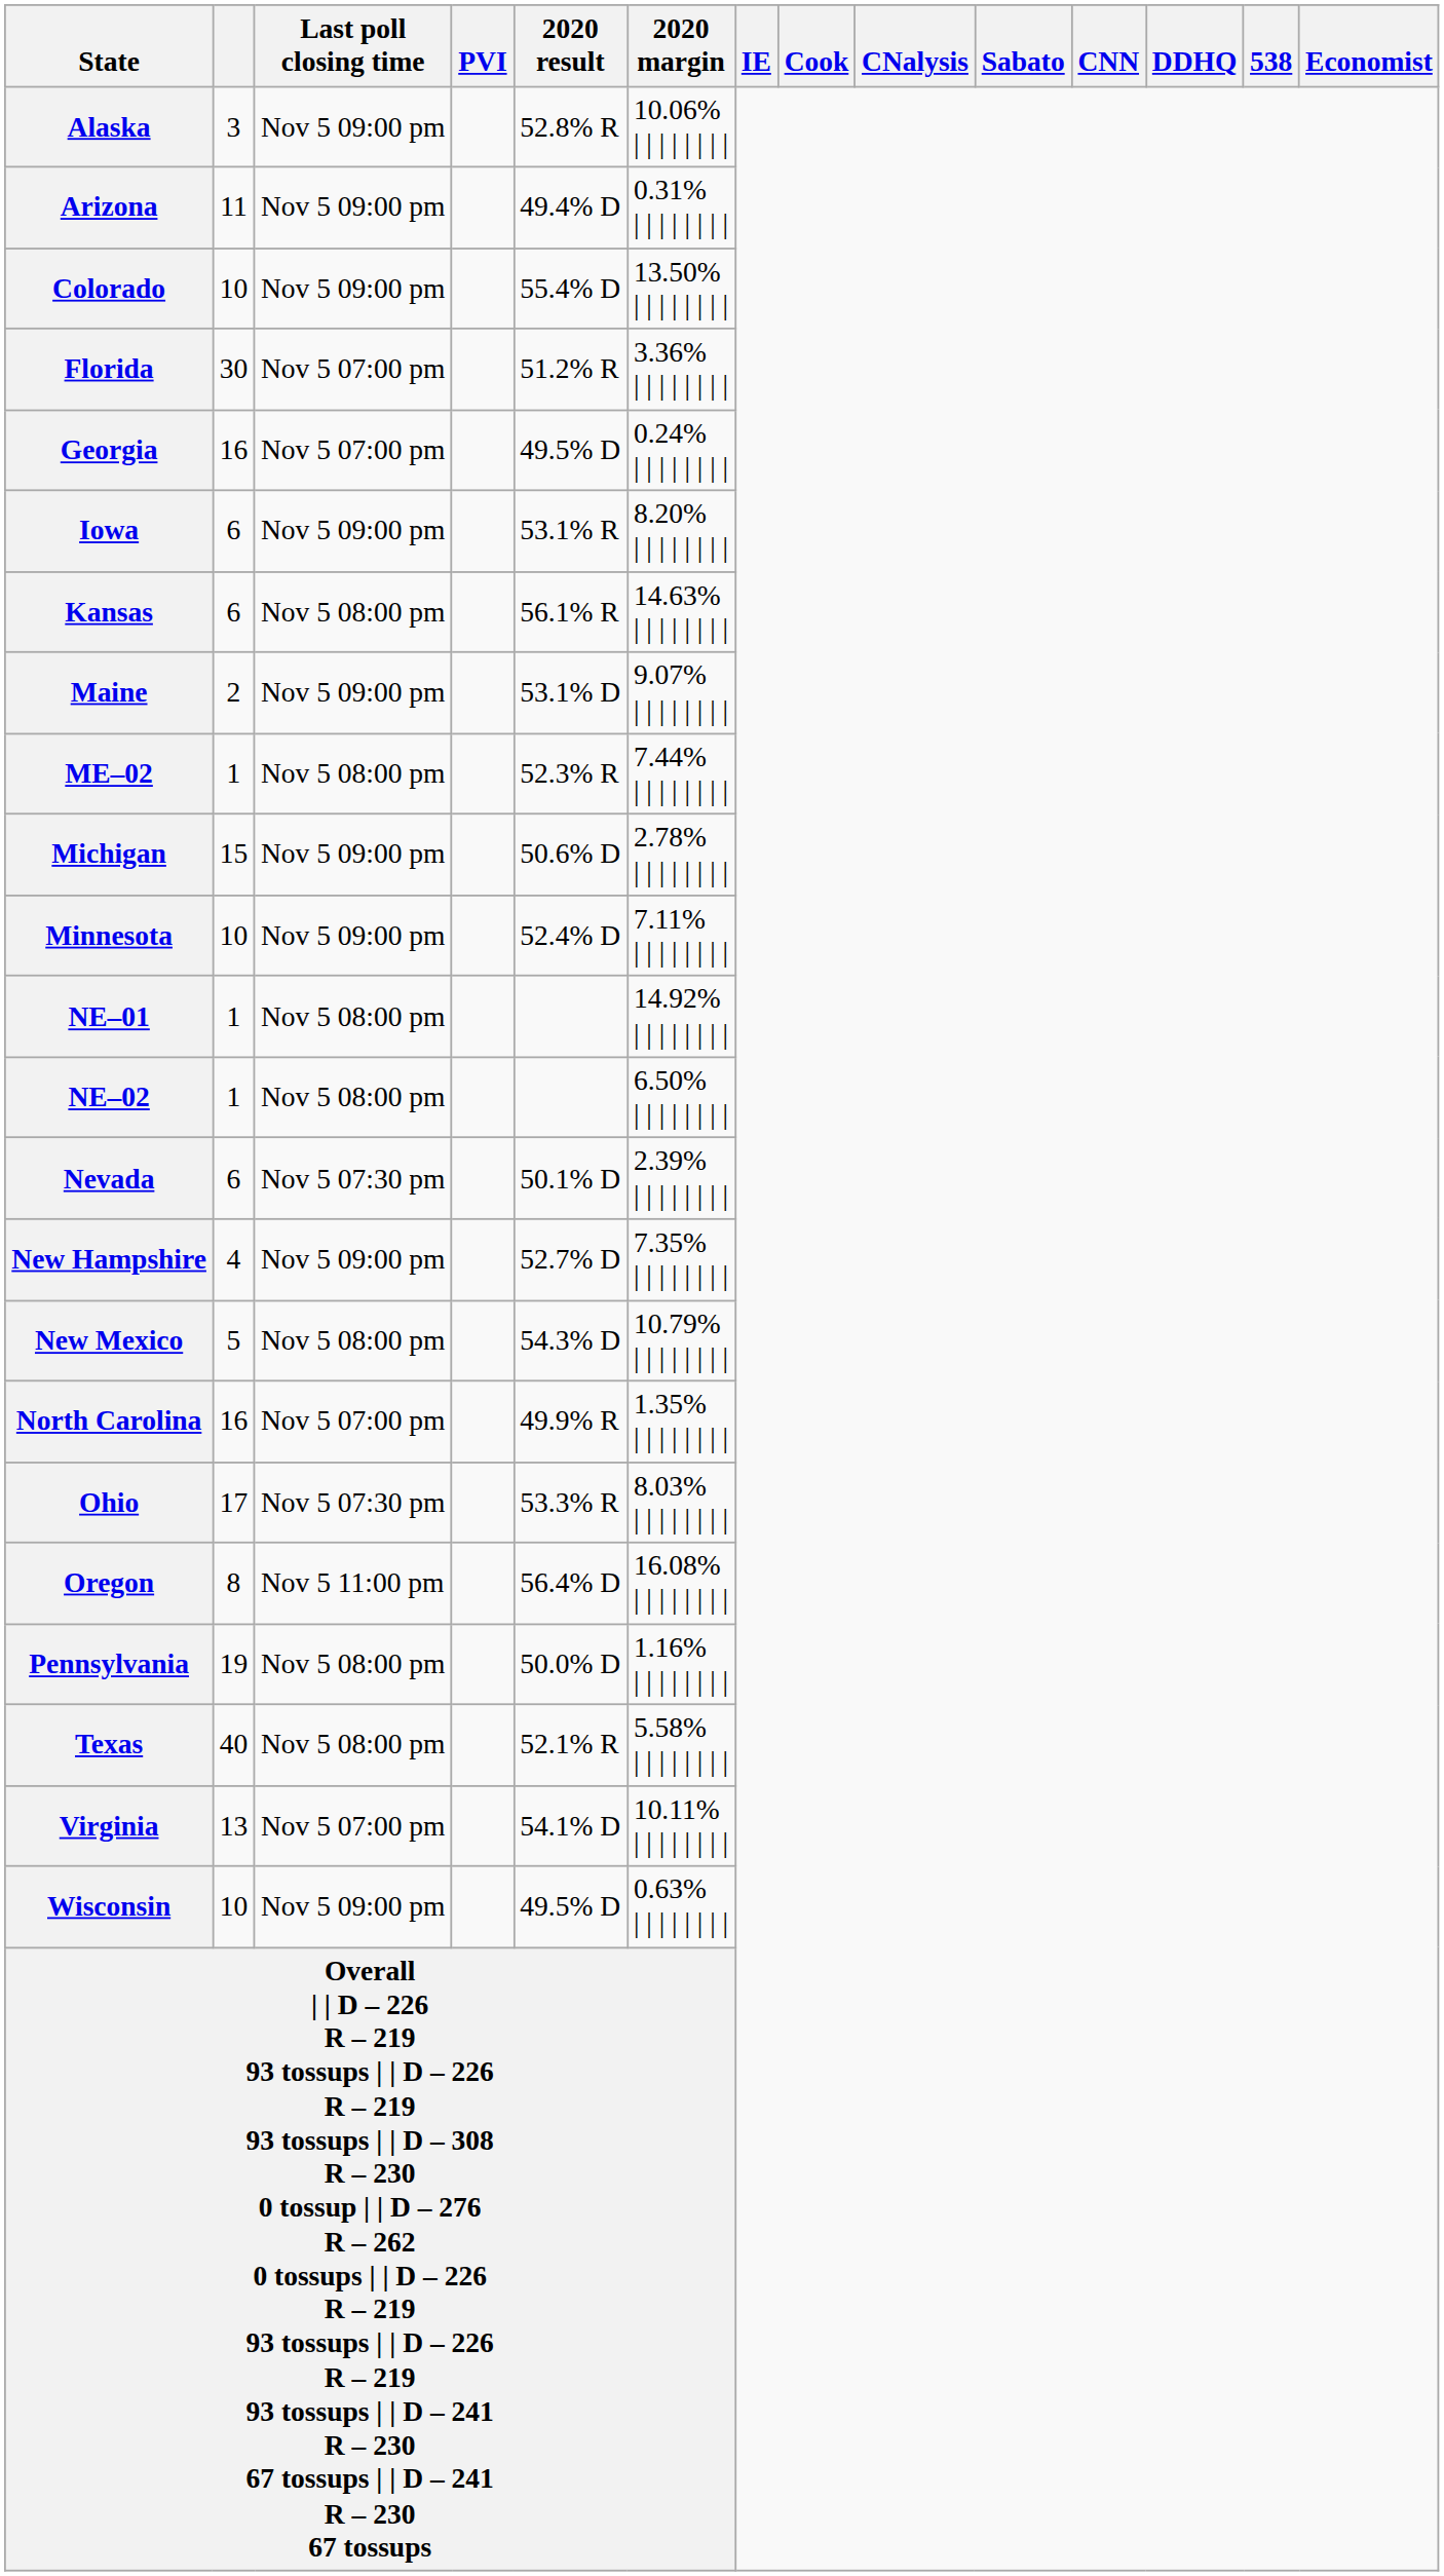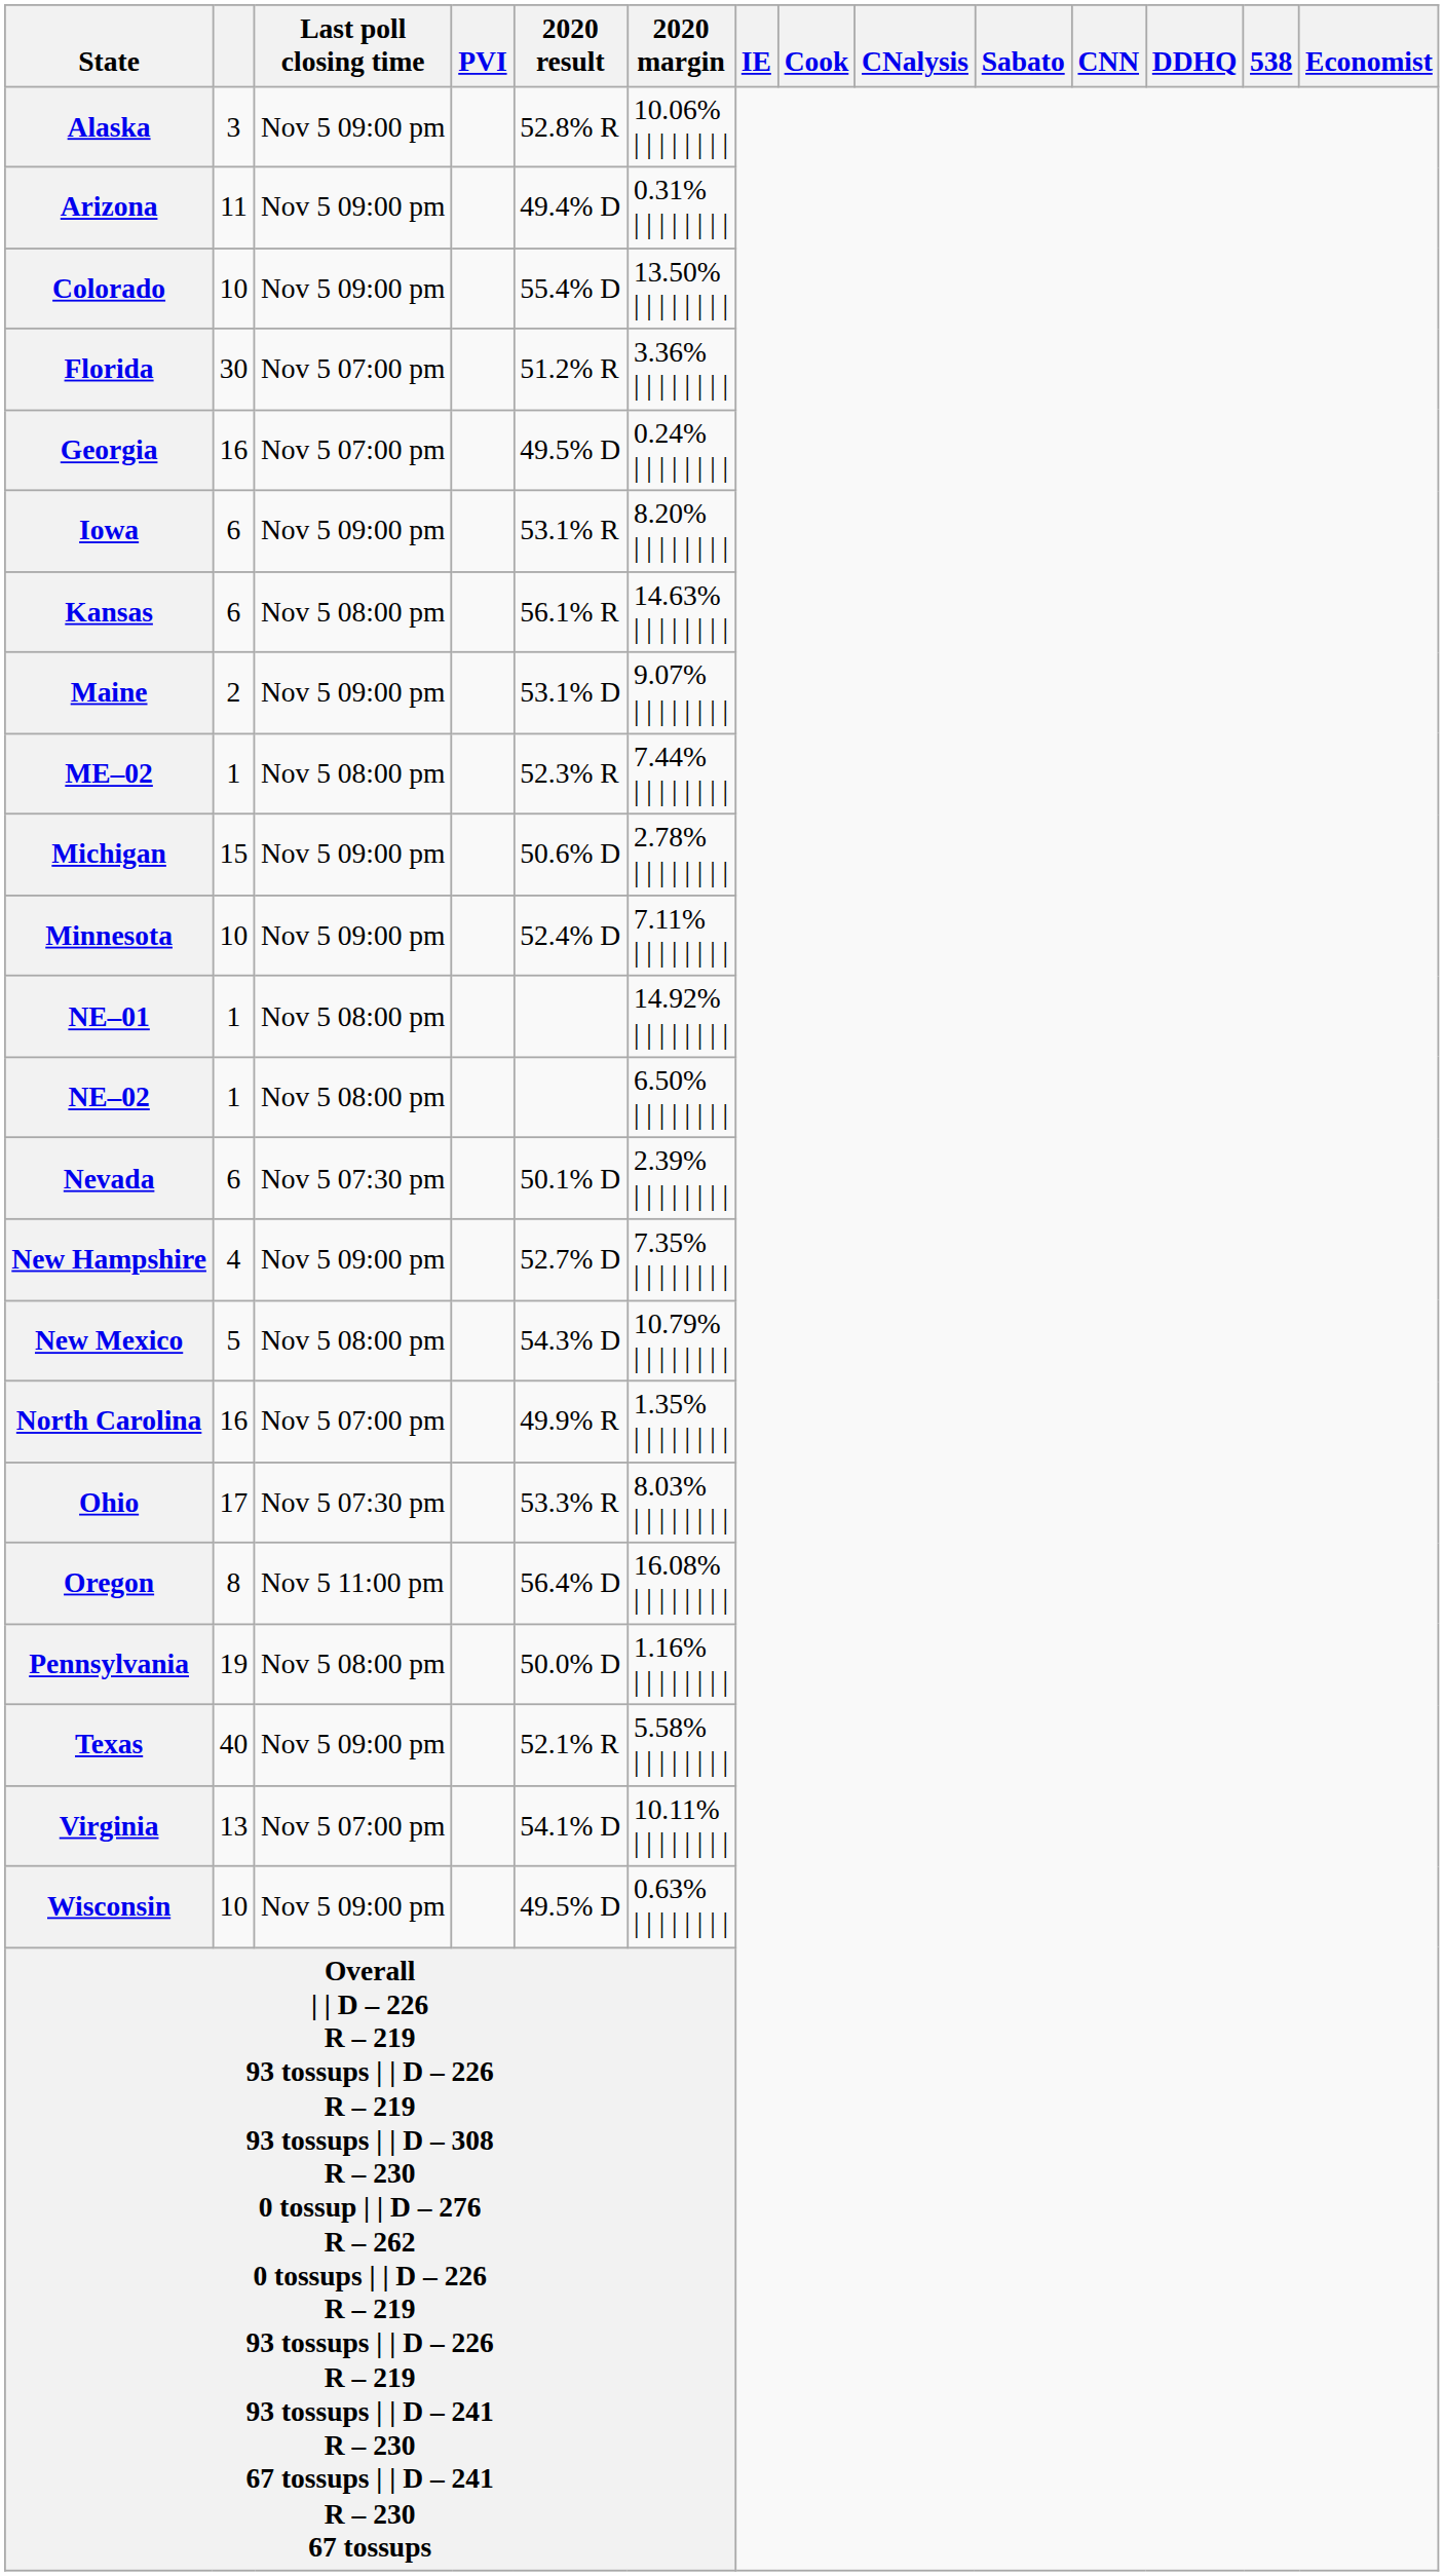 <table class="wikitable sortable sticky-header" style="font-size:95%; line-height:1.2">
 <tr style="vertical-align:bottom">
 <th>State</th>
 <th></th>
 <th>Last poll<br>closing time<br></th>
 <th><a href='#'>PVI</a></th>
 <th data-sort-type="number">2020<br>result</th>
 <th data-sort-type="number">2020<br>margin</th>
 <th><a href='#'>IE</a><br></th>
 <th><a href='#'>Cook</a><br></th>
 <th><a href='#'>CNalysis</a><br></th>
 <th><a href='#'>Sabato</a><br></th>
 <th><a href='#'>CNN</a><br></th>
 <th><a href='#'>DDHQ</a><br></th>
 <th><a href='#'>538</a><br></th>
 <th><a href='#'>Economist</a><br></th>
 </tr>
 <tr>
 <th><a href='#'>Alaska</a></th>
 <td align=center>3</td>
 <td>Nov 5 09:00 pm</td>
 <td></td>
 <td style="background-color:">52.8% R</td>
 <td style="background-color:">10.06%<br>      |      |  |    |       |      |       |   | </td>
 </tr>
 <tr>
 <th><a href='#'>Arizona</a></th>
 <td align=center>11</td>
 <td>Nov 5 09:00 pm</td>
 <td></td>
 <td style="color:black;background-color:">49.4% D</td>
 <td style="color:black;background-color:">0.31%<br>      |      |  |    |       |      |       |   | </td>
 </tr>
 <tr>
 <th><a href='#'>Colorado</a></th>
 <td align=center>10</td>
 <td>Nov 5 09:00 pm</td>
 <td></td>
 <td style="color:black;background-color:">55.4% D</td>
 <td style="color:black;background-color:">13.50%<br>      |      |  |    |       |      |       |   | </td>
 </tr>
 <tr>
 <th><a href='#'>Florida</a></th>
 <td align=center>30</td>
 <td>Nov 5 07:00 pm</td>
 <td></td>
 <td style="background-color:">51.2% R</td>
 <td style="background-color:">3.36%<br>      |      |  |    |       |      |       |   | </td>
 </tr>
 <tr>
 <th><a href='#'>Georgia</a></th>
 <td align=center>16</td>
 <td>Nov 5 07:00 pm</td>
 <td></td>
 <td style="color:black;background-color:">49.5% D</td>
 <td style="color:black;background-color:">0.24%<br>      |      |  |    |       |      |       |   | </td>
 </tr>
 <tr>
 <th><a href='#'>Iowa</a></th>
 <td align=center>6</td>
 <td>Nov 5 09:00 pm</td>
 <td></td>
 <td style="background-color:">53.1% R</td>
 <td style="background-color:">8.20%<br>      |      |  |    |       |      |       |   | </td>
 </tr>
 <tr>
 <th><a href='#'>Kansas</a></th>
 <td align=center>6</td>
 <td>Nov 5 08:00 pm</td>
 <td></td>
 <td style="color:black;background-color:">56.1% R</td>
 <td style="color:black;background-color:">14.63%<br>      |      |  |    |       |      |       |   | </td>
 </tr>
 <tr>
 <th><a href='#'>Maine</a></th>
 <td align=center>2</td>
 <td>Nov 5 09:00 pm</td>
 <td></td>
 <td style="color:black;background-color:">53.1% D</td>
 <td style="color:black;background-color:">9.07%<br>      |      |  |    |       |      |       |   | </td>
 </tr>
 <tr>
 <th><a href='#'>ME–02</a></th>
 <td align=center>1</td>
 <td>Nov 5 08:00 pm</td>
 <td></td>
 <td style="background-color:">52.3% R</td>
 <td style="background-color:">7.44%<br>      |      |  |    |       |      |       |   | </td>
 </tr>
 <tr>
 <th><a href='#'>Michigan</a></th>
 <td align=center>15</td>
 <td>Nov 5 09:00 pm</td>
 <td></td>
 <td style="color:black;background-color:">50.6% D</td>
 <td style="color:black;background-color:">2.78%<br>      |      |  |    |       |      |       |   | </td>
 </tr>
 <tr>
 <th><a href='#'>Minnesota</a></th>
 <td align=center>10</td>
 <td>Nov 5 09:00 pm</td>
 <td></td>
 <td style="color:black;background-color:">52.4% D</td>
 <td style="color:black;background-color:">7.11%<br>      |      |  |    |       |      |       |   | </td>
 </tr>
 <tr>
 <th><a href='#'>NE–01</a></th>
 <td align=center>1</td>
 <td>Nov 5 08:00 pm</td>
 <td></td>
 <td style="color:black;background-color:"></td>
 <td style="color:black;background-color:">14.92%<br>      |      |  |    |       |      |       |   | </td>
 </tr>
 <tr>
 <th><a href='#'>NE–02</a></th>
 <td align=center>1</td>
 <td>Nov 5 08:00 pm</td>
 <td></td>
 <td style="color:black;background-color:"></td>
 <td style="color:black;background-color:">6.50%<br>      |      |  |    |      |      |       |   | </td>
 </tr>
 <tr>
 <th><a href='#'>Nevada</a></th>
 <td align=center>6</td>
 <td>Nov 5 07:30 pm</td>
 <td></td>
 <td style="color:black;background-color:">50.1% D</td>
 <td style="color:black;background-color:">2.39%<br>      |      |  |    |       |      |       |   | </td>
 </tr>
 <tr>
 <th nowrap><a href='#'>New Hampshire</a></th>
 <td align=center>4</td>
 <td>Nov 5 09:00 pm</td>
 <td></td>
 <td style="color:black;background-color:">52.7% D</td>
 <td style="color:black;background-color:">7.35%<br>      |      |  |    |       |      |       |   | </td>
 </tr>
 <tr>
 <th><a href='#'>New Mexico</a></th>
 <td align=center>5</td>
 <td>Nov 5 08:00 pm</td>
 <td></td>
 <td style="color:black;background-color:">54.3% D</td>
 <td style="color:black;background-color:">10.79%<br>      |      |  |    |       |      |       |   | </td>
 </tr>
 <tr>
 <th><a href='#'>North Carolina</a></th>
 <td align=center>16</td>
 <td>Nov 5 07:00 pm</td>
 <td></td>
 <td style="background-color:">49.9% R</td>
 <td style="background-color:">1.35%<br>      |      |  |    |       |      |       |   | </td>
 </tr>
 <tr>
 <th><a href='#'>Ohio</a></th>
 <td align=center>17</td>
 <td>Nov 5 07:30 pm</td>
 <td></td>
 <td style="background-color:">53.3% R</td>
 <td style="background-color:">8.03%<br>      |      |  |    |       |      |       |   | </td>
 </tr>
 <tr>
 <th><a href='#'>Oregon</a></th>
 <td align=center>8</td>
 <td>Nov 5 11:00 pm</td>
 <td></td>
 <td style="color:black;background-color:">56.4% D</td>
 <td style="color:black;background-color:">16.08%<br>      |      |  |    |       |      |       |   | </td>
 </tr>
 <tr>
 <th><a href='#'>Pennsylvania</a></th>
 <td align=center>19</td>
 <td>Nov 5 08:00 pm</td>
 <td></td>
 <td style="color:black;background-color:">50.0% D</td>
 <td style="color:black;background-color:">1.16%<br>      |      |  |    |       |      |       |   | </td>
 </tr>
 <tr>
 <th><a href='#'>Texas</a></th>
 <td align=center>40</td>
-<td>Nov 5 08:00 pm</td>
+<td>Nov 5 09:00 pm</td>
 <td></td>
 <td style="background-color:">52.1% R</td>
 <td style="background-color:">5.58%<br>      |      |  |    |       |      |       |   | </td>
 </tr>
 <tr>
 <th><a href='#'>Virginia</a></th>
 <td align=center>13</td>
 <td>Nov 5 07:00 pm</td>
 <td></td>
 <td style="color:black;background-color:">54.1% D</td>
 <td style="color:black;background-color:">10.11%<br>      |      |  |    |       |      |       |   | </td>
 </tr>
 <tr>
 <th><a href='#'>Wisconsin</a></th>
 <td align=center>10</td>
 <td>Nov 5 09:00 pm</td>
 <td></td>
 <td style="color:black;background-color:">49.5% D</td>
 <td style="color:black;background-color:">0.63%<br>      |      |  |    |       |      |       |   | </td>
 </tr>
 <tr class="sortbottom">
 <th colspan=6>Overall<br>      |  | D – 226<br>R – 219<br>93 tossups     |  | D – 226<br>R – 219<br>93 tossups |  | D – 308<br>R – 230<br>0 tossup   |  | D – 276<br>R – 262<br>0 tossups      |  | D – 226<br>R – 219<br>93 tossups     |  | D – 226<br>R – 219<br>93 tossups      |  | D – 241<br>R – 230<br>67 tossups  |  | D – 241<br>R – 230<br>67 tossups</th>
 </tr>
 </table>
